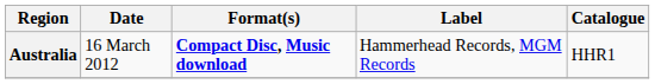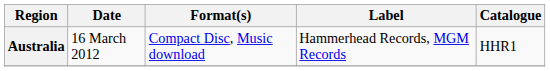 <table class="wikitable plainrowheaders">
 <tr>
 <th scope="col">Region</th>
 <th scope="col">Date</th>
 <th scope="col">Format(s)</th>
 <th scope="col">Label</th>
 <th scope="col">Catalogue</th>
 </tr>
 <tr>
 <th scope="row">Australia</th>
 <td>16 March 2012</td>
-<td><strong><a href='#'>Compact Disc</a>, <a href='#'>Music download</a></strong></td>
+<td><a href='#'>Compact Disc</a>, <a href='#'>Music download</a></td>
 <td>Hammerhead Records, <a href='#'>MGM Records</a></td>
 <td>HHR1</td>
 </tr>
 <tr>
 </tr>
 </table>
